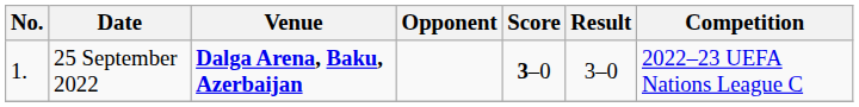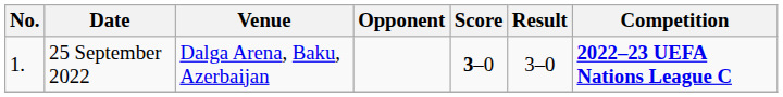 <table class="wikitable">
 <tr>
 <th>No.</th>
 <th>Date</th>
 <th>Venue</th>
 <th>Opponent</th>
 <th>Score</th>
 <th>Result</th>
 <th>Competition</th>
 </tr>
 <tr>
 <td>1.</td>
 <td>25 September 2022</td>
-<td><strong><a href='#'>Dalga Arena</a>, <a href='#'>Baku</a>, <a href='#'>Azerbaijan</a></strong></td>
+<td><a href='#'>Dalga Arena</a>, <a href='#'>Baku</a>, <a href='#'>Azerbaijan</a></td>
 <td></td>
 <td align=center><strong>3</strong>–0</td>
 <td align=center>3–0</td>
-<td><a href='#'>2022–23 UEFA Nations League C</a></td>
+<td><strong><a href='#'>2022–23 UEFA Nations League C</a></strong></td>
 </tr>
 <tr>
 </tr>
 </table>
